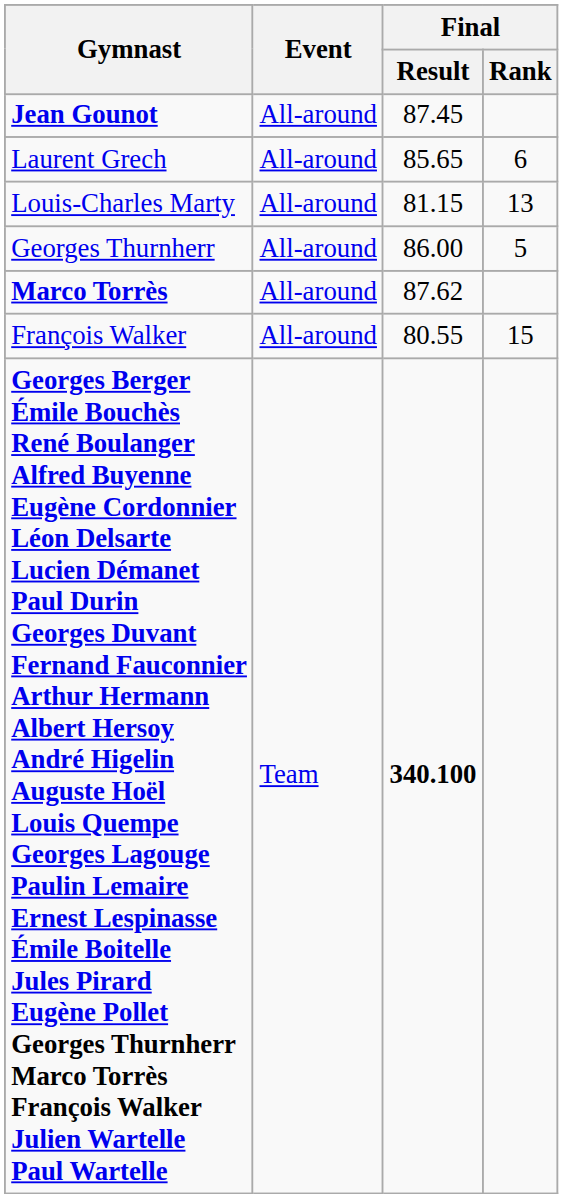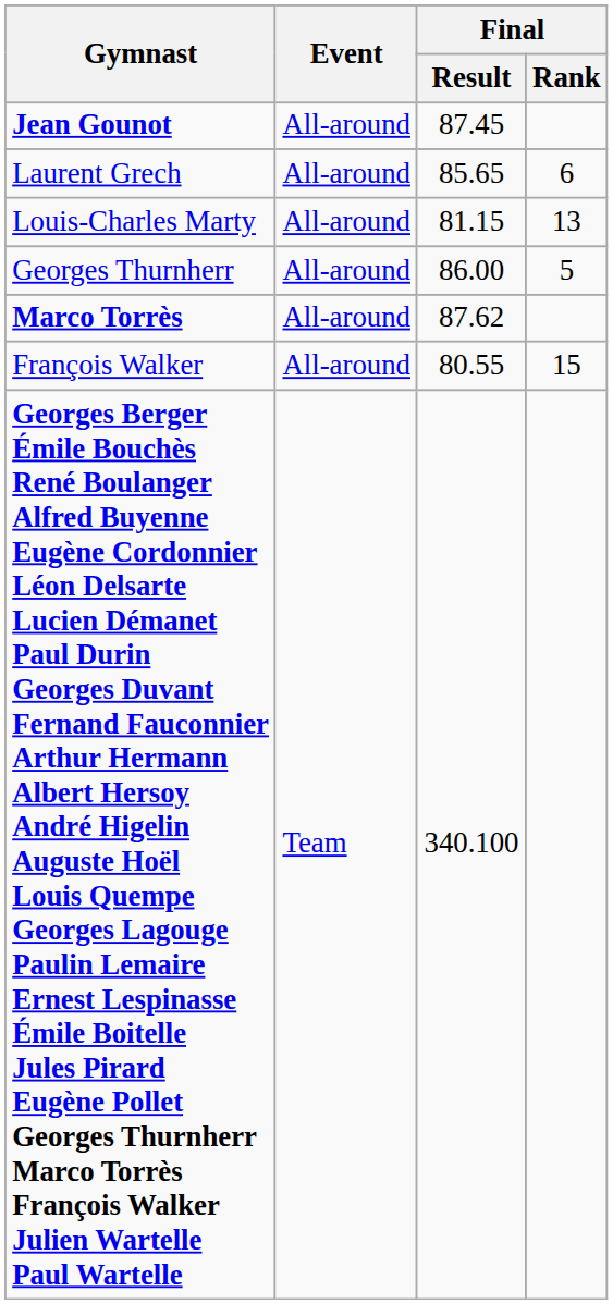 <table class=wikitable style="font-size:90%">
 <tr>
 <th rowspan=2>Gymnast</th>
 <th rowspan=2>Event</th>
 <th colspan=2>Final</th>
 </tr>
 <tr>
 <th>Result</th>
 <th>Rank</th>
 </tr>
 <tr>
 <td><strong><a href='#'>Jean Gounot</a></strong></td>
 <td><a href='#'>All-around</a></td>
 <td align=center>87.45</td>
 <td align=center></td>
 </tr>
 <tr>
 <td><a href='#'>Laurent Grech</a></td>
 <td><a href='#'>All-around</a></td>
 <td align=center>85.65</td>
 <td align=center>6</td>
 </tr>
 <tr>
 <td><a href='#'>Louis-Charles Marty</a></td>
 <td><a href='#'>All-around</a></td>
 <td align=center>81.15</td>
 <td align=center>13</td>
 </tr>
 <tr>
 <td><a href='#'>Georges Thurnherr</a></td>
 <td><a href='#'>All-around</a></td>
 <td align=center>86.00</td>
 <td align=center>5</td>
 </tr>
 <tr>
 <td><strong><a href='#'>Marco Torrès</a></strong></td>
 <td><a href='#'>All-around</a></td>
 <td align=center>87.62</td>
 <td align=center></td>
 </tr>
 <tr>
 <td><a href='#'>François Walker</a></td>
 <td><a href='#'>All-around</a></td>
 <td align=center>80.55</td>
 <td align=center>15</td>
 </tr>
 <tr>
 <td><strong><a href='#'>Georges Berger</a> <br> <a href='#'>Émile Bouchès</a> <br> <a href='#'>René Boulanger</a> <br> <a href='#'>Alfred Buyenne</a> <br> <a href='#'>Eugène Cordonnier</a> <br> <a href='#'>Léon Delsarte</a> <br> <a href='#'>Lucien Démanet</a> <br> <a href='#'>Paul Durin</a> <br> <a href='#'>Georges Duvant</a> <br> <a href='#'>Fernand Fauconnier</a> <br> <a href='#'>Arthur Hermann</a> <br> <a href='#'>Albert Hersoy</a> <br> <a href='#'>André Higelin</a> <br> <a href='#'>Auguste Hoël</a> <br> <a href='#'>Louis Quempe</a> <br> <a href='#'>Georges Lagouge</a> <br> <a href='#'>Paulin Lemaire</a> <br> <a href='#'>Ernest Lespinasse</a> <br> <a href='#'>Émile Boitelle</a> <br> <a href='#'>Jules Pirard</a> <br> <a href='#'>Eugène Pollet</a> <br> Georges Thurnherr <br> Marco Torrès <br> François Walker <br> <a href='#'>Julien Wartelle</a> <br> <a href='#'>Paul Wartelle</a></strong></td>
 <td><a href='#'>Team</a></td>
-<td align=center><strong>340.100</strong></td>
+<td align=center>340.100</td>
 <td align=center></td>
 </tr>
 </table>
